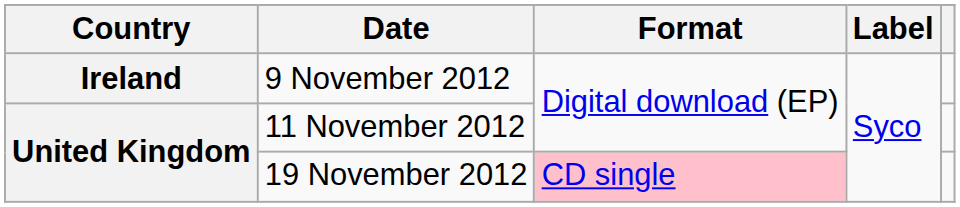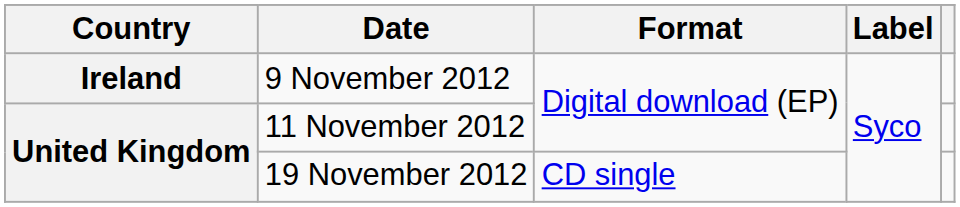 <table class="wikitable sortable plainrowheaders">
 <tr>
 <th scope="col">Country</th>
 <th scope="col">Date</th>
 <th scope="col">Format</th>
 <th scope="col">Label</th>
 <th scope="col" class="unsortable"></th>
 </tr>
 <tr>
 <th scope="row">Ireland</th>
 <td>9 November 2012</td>
 <td rowspan="2"><a href='#'>Digital download</a> (EP)</td>
 <td rowspan="3"><a href='#'>Syco</a></td>
 <td></td>
 </tr>
 <tr>
 <th scope="row" rowspan="2">United Kingdom</th>
 <td>11 November 2012</td>
 <td></td>
 </tr>
 <tr>
 <td>19 November 2012</td>
-<td style="background: pink;"><a href='#'>CD single</a></td>
+<td><a href='#'>CD single</a></td>
 <td></td>
 </tr>
 </table>
